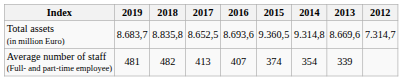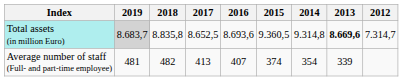 <table class="wikitable" style="text-align:center">
 <tr>
 <th>Index</th>
 <th>2019</th>
 <th>2018</th>
 <th>2017</th>
 <th>2016</th>
 <th>2015</th>
 <th>2014</th>
 <th>2013</th>
 <th>2012</th>
 </tr>
 <tr>
-<td style="text-align:left">Total assets<br><small>(in million Euro)</small></td>
-<td>8.683,7</td>
+<td style="background: paleturquoise; text-align:left">Total assets<br><small>(in million Euro)</small></td>
+<td style="background: lightgrey;">8.683,7</td>
 <td>8.835,8</td>
 <td>8.652,5</td>
 <td>8.693,6</td>
 <td>9.360,5</td>
 <td>9.314,8</td>
-<td>8.669,6</td>
+<td><strong>8.669,6</strong></td>
 <td>7.314,7</td>
 </tr>
 <tr>
 <td style="text-align:left">Average number of staff<br><small>(Full- and part-time employee)</small></td>
 <td>481</td>
 <td>482</td>
 <td>413</td>
 <td>407</td>
 <td>374</td>
 <td>354</td>
 <td>339</td>
 <td></td>
 </tr>
 </table>
